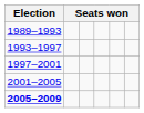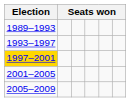 <table class="wikitable">
 <tr>
 <th>Election</th>
 <th colspan=5>Seats won</th>
 </tr>
 <tr>
 <td><a href='#'>1989–1993</a></td>
 <td width=15 > </td>
 <td width=15 > </td>
 <td width=15 > </td>
 <td width=15 > </td>
 <td width=15 > </td>
 </tr>
 <tr>
 <td><a href='#'>1993–1997</a></td>
 <td width=15 > </td>
 <td width=15 > </td>
 <td width=15 > </td>
 <td width=15 > </td>
 <td width=15 > </td>
 </tr>
 <tr>
-<td><a href='#'>1997–2001</a></td>
+<td style="background: gold;"><a href='#'>1997–2001</a></td>
 <td width=15 > </td>
 <td width=15 > </td>
 <td width=15 > </td>
 <td width=15 > </td>
 <td width=15 > </td>
 </tr>
 <tr>
 <td><a href='#'>2001–2005</a></td>
 <td width=15 > </td>
 <td width=15 > </td>
 <td width=15 > </td>
 <td width=15 > </td>
 <td width=15 > </td>
 </tr>
 <tr>
-<td><strong><a href='#'>2005–2009</a></strong></td>
+<td><a href='#'>2005–2009</a></td>
 <td width=15 > </td>
 <td width=15 > </td>
 <td width=15 > </td>
 <td width=15 > </td>
 <td width=15 > </td>
 </tr>
 </table>
